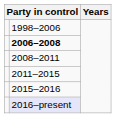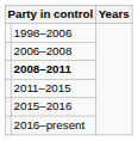 <table class="wikitable">
 <tr>
 <th colspan="2">Party in control</th>
 <th>Years</th>
 </tr>
 <tr>
 <td></td>
 <td>1998–2006</td>
 </tr>
 <tr>
 <td></td>
-<td><strong>2006–2008</strong></td>
+<td>2006–2008</td>
 </tr>
 <tr>
 <td></td>
-<td>2008–2011</td>
+<td><strong>2008–2011</strong></td>
 </tr>
 <tr>
 <td></td>
 <td>2011–2015</td>
 </tr>
 <tr>
 <td></td>
 <td>2015–2016</td>
 </tr>
 <tr>
 <td></td>
-<td style="background: lavender;">2016–present</td>
+<td>2016–present</td>
 </tr>
 </table>
